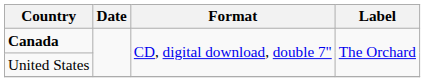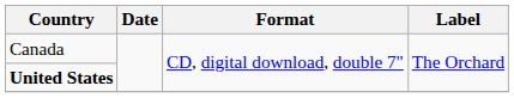 <table class="wikitable">
 <tr>
 <th>Country</th>
 <th>Date</th>
 <th>Format</th>
 <th>Label</th>
 </tr>
 <tr>
-<td rowspan="1"><strong>Canada</strong></td>
+<td rowspan="1">Canada</td>
 <td rowspan="2"></td>
 <td rowspan="2"><a href='#'>CD</a>, <a href='#'>digital download</a>, <a href='#'>double 7"</a></td>
 <td rowspan="2"><a href='#'>The Orchard</a></td>
 </tr>
 <tr>
-<td rowspan="1">United States</td>
+<td rowspan="1"><strong>United States</strong></td>
 </tr>
 <tr>
 </tr>
 </table>
